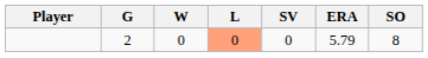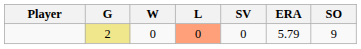 <table class="wikitable sortable">
 <tr>
 <th bgcolor="#DDDDFF" width="16%">Player</th>
 <th bgcolor="#DDDDFF" width="9%">G</th>
 <th bgcolor="#DDDDFF" width="9%">W</th>
 <th bgcolor="#DDDDFF" width="9%">L</th>
 <th bgcolor="#DDDDFF" width="9%">SV</th>
 <th bgcolor="#DDDDFF" width="9%">ERA</th>
 <th bgcolor="#DDDDFF" width="9%">SO</th>
 </tr>
 <tr align="center">
 <td></td>
-<td>2</td>
+<td style="background: khaki;">2</td>
 <td>0</td>
 <td style="background: lightsalmon;">0</td>
 <td>0</td>
 <td>5.79</td>
-<td>8</td>
+<td>9</td>
 </tr>
 </table>
